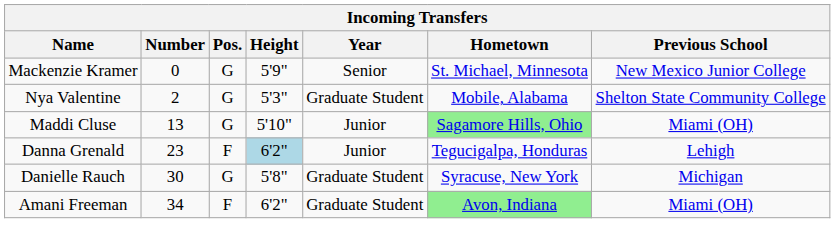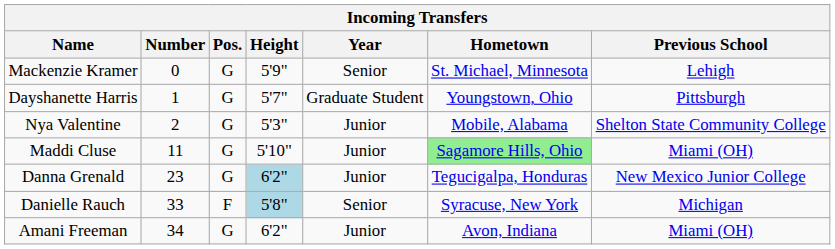 <table class="wikitable sortable" border="1" style="text-align: center;">
 <tr>
 <th colspan=7>Incoming Transfers</th>
 </tr>
 <tr align=center>
 <th>Name</th>
 <th>Number</th>
 <th>Pos.</th>
 <th>Height</th>
 <th>Year</th>
 <th>Hometown</th>
 <th>Previous School</th>
 </tr>
 <tr>
 <td>Mackenzie Kramer</td>
 <td>0</td>
 <td>G</td>
 <td>5'9"</td>
 <td>Senior</td>
 <td><a href='#'>St. Michael, Minnesota</a></td>
-<td><a href='#'>New Mexico Junior College</a></td>
+<td><a href='#'>Lehigh</a></td>
+</tr>
+<tr>
+<td>Dayshanette Harris</td>
+<td>1</td>
+<td>G</td>
+<td>5'7"</td>
+<td>Graduate Student</td>
+<td><a href='#'>Youngstown, Ohio</a></td>
+<td><a href='#'>Pittsburgh</a></td>
 </tr>
 <tr>
 <td>Nya Valentine</td>
 <td>2</td>
 <td>G</td>
 <td>5'3"</td>
-<td>Graduate Student</td>
+<td>Junior</td>
 <td><a href='#'>Mobile, Alabama</a></td>
 <td><a href='#'>Shelton State Community College</a></td>
 </tr>
 <tr>
 <td>Maddi Cluse</td>
-<td>13</td>
+<td>11</td>
 <td>G</td>
 <td>5'10"</td>
 <td>Junior</td>
 <td style="background: lightgreen;"><a href='#'>Sagamore Hills, Ohio</a></td>
 <td><a href='#'>Miami (OH)</a></td>
 </tr>
 <tr>
 <td>Danna Grenald</td>
 <td>23</td>
-<td>F</td>
+<td>G</td>
 <td style="background: lightblue;">6'2"</td>
 <td>Junior</td>
 <td><a href='#'>Tegucigalpa, Honduras</a></td>
-<td><a href='#'>Lehigh</a></td>
+<td><a href='#'>New Mexico Junior College</a></td>
 </tr>
 <tr>
 <td>Danielle Rauch</td>
-<td>30</td>
-<td>G</td>
-<td>5'8"</td>
-<td>Graduate Student</td>
+<td>33</td>
+<td>F</td>
+<td style="background: lightblue;">5'8"</td>
+<td>Senior</td>
 <td><a href='#'>Syracuse, New York</a></td>
 <td><a href='#'>Michigan</a></td>
 </tr>
 <tr>
 <td>Amani Freeman</td>
 <td>34</td>
-<td>F</td>
+<td>G</td>
 <td>6'2"</td>
-<td>Graduate Student</td>
-<td style="background: lightgreen;"><a href='#'>Avon, Indiana</a></td>
+<td>Junior</td>
+<td><a href='#'>Avon, Indiana</a></td>
 <td><a href='#'>Miami (OH)</a></td>
 </tr>
 </table>
